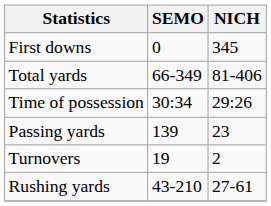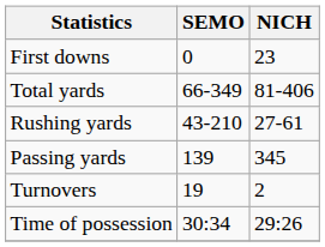 <table class="wikitable" style="float: left;">
 <tr>
 <th>Statistics</th>
 <th>SEMO</th>
 <th>NICH</th>
 </tr>
 <tr>
 <td>First downs</td>
 <td>0</td>
-<td>345</td>
+<td>23</td>
 </tr>
 <tr>
 <td>Total yards</td>
 <td>66-349</td>
 <td>81-406</td>
 </tr>
 <tr>
-<td>Time of possession</td>
-<td>30:34</td>
-<td>29:26</td>
+<td>Rushing yards</td>
+<td>43-210</td>
+<td>27-61</td>
 </tr>
 <tr>
 <td>Passing yards</td>
 <td>139</td>
-<td>23</td>
+<td>345</td>
 </tr>
 <tr>
 <td>Turnovers</td>
 <td>19</td>
 <td>2</td>
 </tr>
 <tr>
-<td>Rushing yards</td>
-<td>43-210</td>
-<td>27-61</td>
+<td>Time of possession</td>
+<td>30:34</td>
+<td>29:26</td>
 </tr>
 <tr>
 </tr>
 </table>
